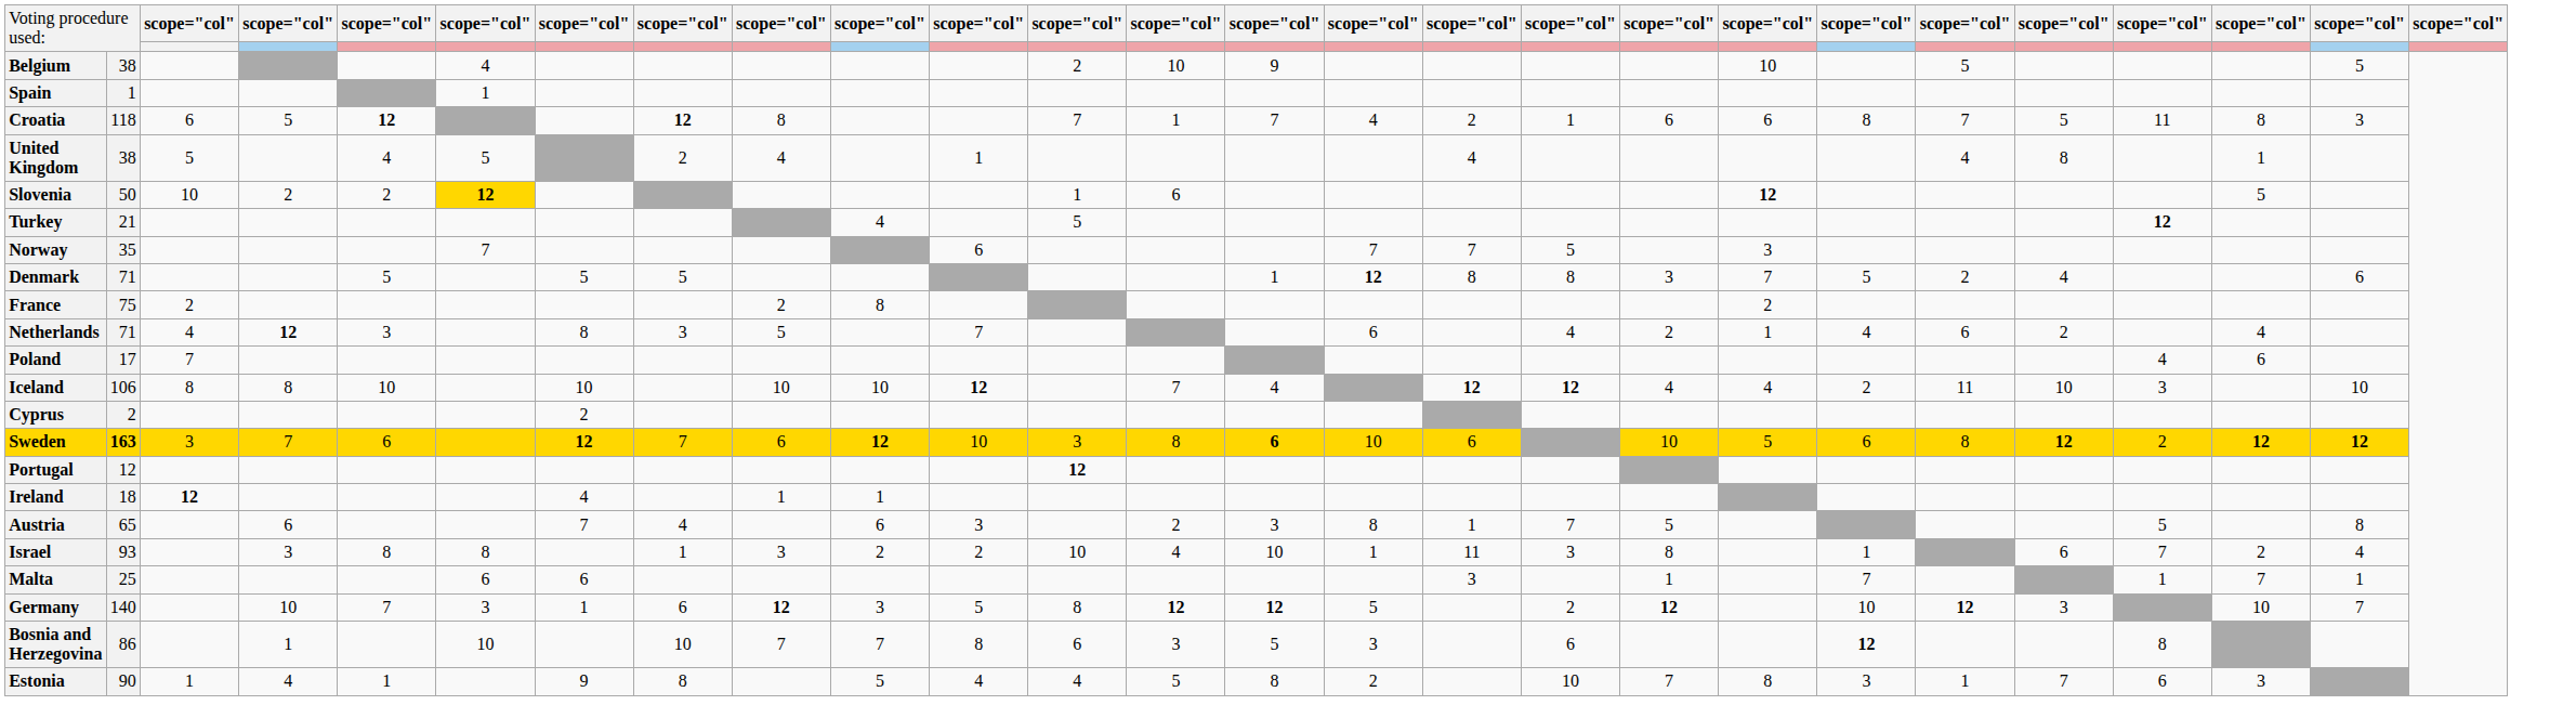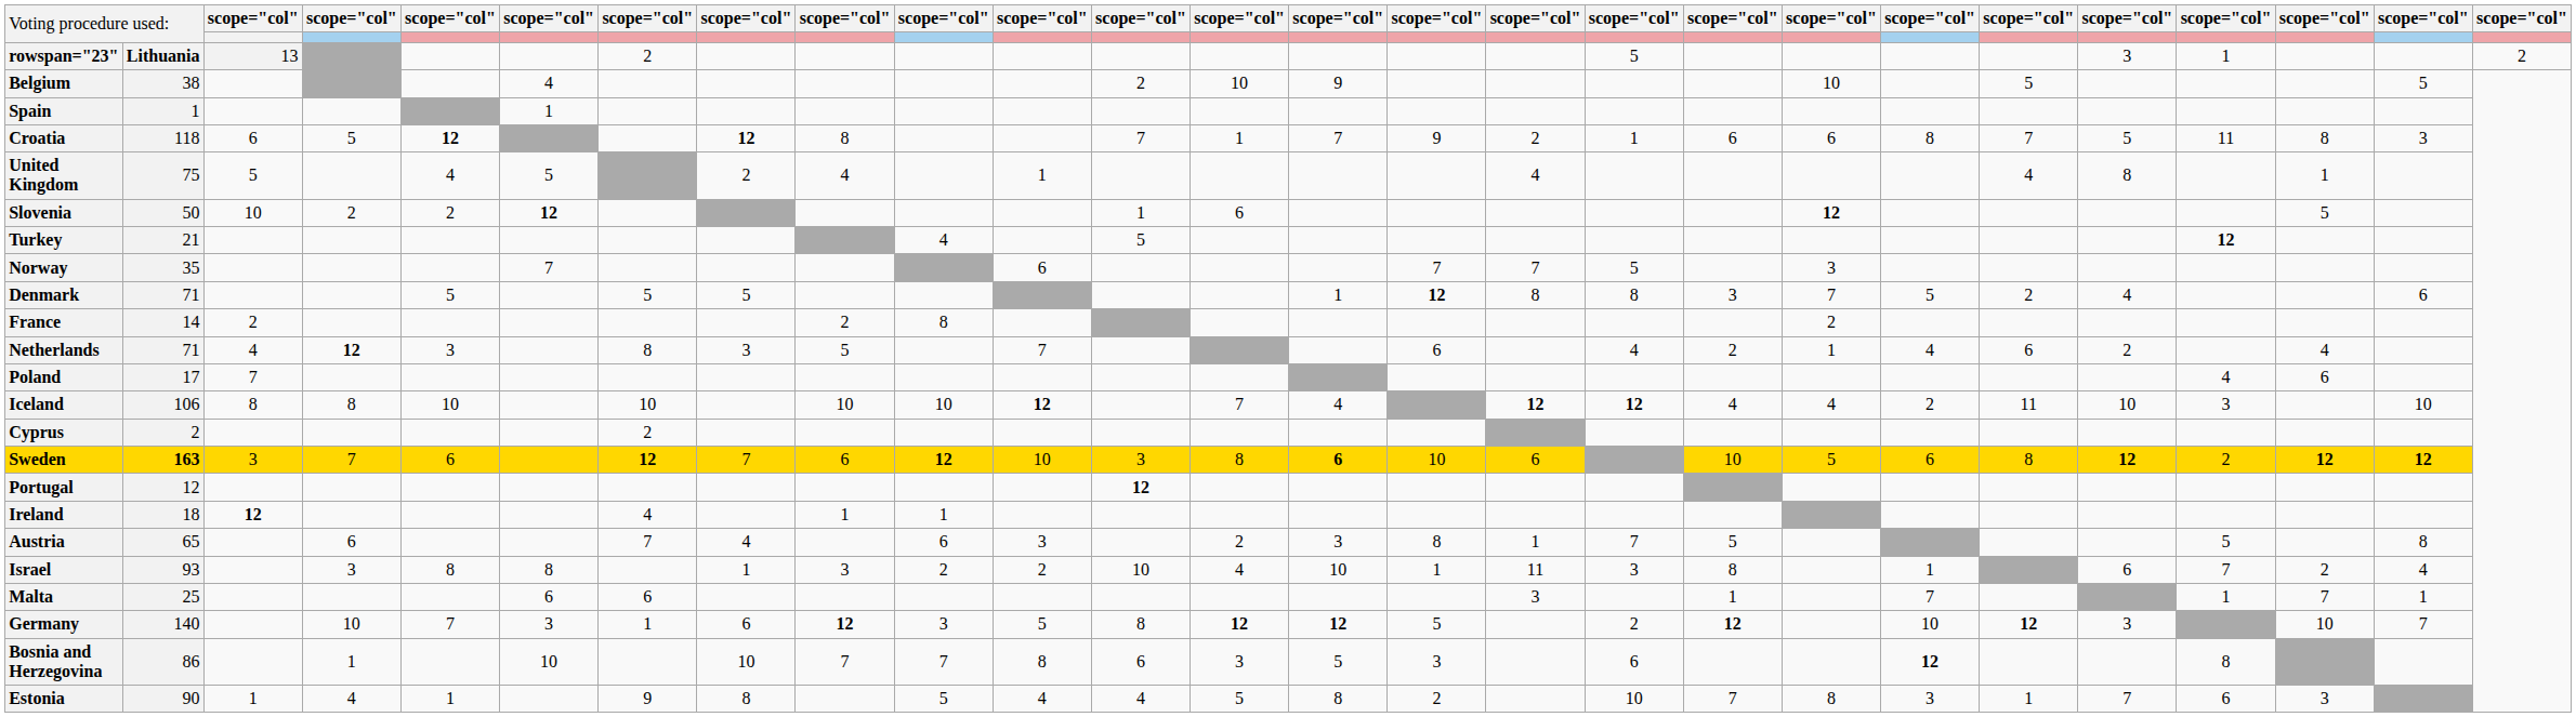 <table class="wikitable plainrowheaders" style="text-align:center;">
 <tr>
 </tr>
 <tr>
 <td colspan="2" rowspan="2" style="text-align:left; background:#F2F2F2">Voting procedure used:<br></td>
 <th>scope="col" </th>
 <th>scope="col" </th>
 <th>scope="col" </th>
 <th>scope="col" </th>
 <th>scope="col" </th>
 <th>scope="col" </th>
 <th>scope="col" </th>
 <th>scope="col" </th>
 <th>scope="col" </th>
 <th>scope="col" </th>
 <th>scope="col" </th>
 <th>scope="col" </th>
 <th>scope="col" </th>
 <th>scope="col" </th>
 <th>scope="col" </th>
 <th>scope="col" </th>
 <th>scope="col" </th>
 <th>scope="col" </th>
 <th>scope="col" </th>
 <th>scope="col" </th>
 <th>scope="col" </th>
 <th>scope="col" </th>
 <th>scope="col" </th>
 <th>scope="col" </th>
 </tr>
 <tr>
 <th style="height:2px; border-top:1px solid transparent;"></th>
 <td style="background:#A4D1EF;"></td>
 <td style="background:#EFA4A9;"></td>
 <td style="background:#EFA4A9;"></td>
 <td style="background:#EFA4A9;"></td>
 <td style="background:#EFA4A9;"></td>
 <td style="background:#EFA4A9;"></td>
 <td style="background:#A4D1EF;"></td>
 <td style="background:#EFA4A9;"></td>
 <td style="background:#EFA4A9;"></td>
 <td style="background:#EFA4A9;"></td>
 <td style="background:#EFA4A9;"></td>
 <td style="background:#EFA4A9;"></td>
 <td style="background:#EFA4A9;"></td>
 <td style="background:#EFA4A9;"></td>
 <td style="background:#EFA4A9;"></td>
 <td style="background:#EFA4A9;"></td>
 <td style="background:#A4D1EF;"></td>
 <td style="background:#EFA4A9;"></td>
 <td style="background:#EFA4A9;"></td>
 <td style="background:#EFA4A9;"></td>
 <td style="background:#EFA4A9;"></td>
 <td style="background:#A4D1EF;"></td>
 <td style="background:#EFA4A9;"></td>
+</tr>
+<tr>
+<th>rowspan="23" </th>
+<th scope="row" style="text-align:left; background:#f2f2f2;">Lithuania</th>
+<td style="text-align:right; background:#f2f2f2;">13</td>
+<td style="text-align:left; background:#aaa;"></td>
+<td></td>
+<td></td>
+<td>2</td>
+<td></td>
+<td></td>
+<td></td>
+<td></td>
+<td></td>
+<td></td>
+<td></td>
+<td></td>
+<td></td>
+<td>5</td>
+<td></td>
+<td></td>
+<td></td>
+<td></td>
+<td>3</td>
+<td>1</td>
+<td></td>
+<td></td>
+<td>2</td>
 </tr>
 <tr>
 <th scope="row" style="text-align:left; background:#f2f2f2;">Belgium</th>
 <td style="text-align:right; background:#f2f2f2;">38</td>
 <td></td>
 <td style="text-align:left; background:#aaa;"></td>
 <td></td>
 <td>4</td>
 <td></td>
 <td></td>
 <td></td>
 <td></td>
 <td></td>
 <td>2</td>
 <td>10</td>
 <td>9</td>
 <td></td>
 <td></td>
 <td></td>
 <td></td>
 <td>10</td>
 <td></td>
 <td>5</td>
 <td></td>
 <td></td>
 <td></td>
 <td>5</td>
 </tr>
 <tr>
 <th scope="row" style="text-align:left; background:#f2f2f2;">Spain</th>
 <td style="text-align:right; background:#f2f2f2;">1</td>
 <td></td>
 <td></td>
 <td style="text-align:left; background:#aaa;"></td>
 <td>1</td>
 <td></td>
 <td></td>
 <td></td>
 <td></td>
 <td></td>
 <td></td>
 <td></td>
 <td></td>
 <td></td>
 <td></td>
 <td></td>
 <td></td>
 <td></td>
 <td></td>
 <td></td>
 <td></td>
 <td></td>
 <td></td>
 <td></td>
 </tr>
 <tr>
 <th scope="row" style="text-align:left; background:#f2f2f2;">Croatia</th>
 <td style="text-align:right; background:#f2f2f2;">118</td>
 <td>6</td>
 <td>5</td>
 <td><strong>12</strong></td>
 <td style="text-align:left; background:#aaa;"></td>
 <td></td>
 <td><strong>12</strong></td>
 <td>8</td>
 <td></td>
 <td></td>
 <td>7</td>
 <td>1</td>
 <td>7</td>
-<td>4</td>
+<td>9</td>
 <td>2</td>
 <td>1</td>
 <td>6</td>
 <td>6</td>
 <td>8</td>
 <td>7</td>
 <td>5</td>
 <td>11</td>
 <td>8</td>
 <td>3</td>
 </tr>
 <tr>
 <th scope="row" style="text-align:left; background:#f2f2f2;">United Kingdom</th>
-<td style="text-align:right; background:#f2f2f2;">38</td>
+<td style="text-align:right; background:#f2f2f2;">75</td>
 <td>5</td>
 <td></td>
 <td>4</td>
 <td>5</td>
 <td style="text-align:left; background:#aaa;"></td>
 <td>2</td>
 <td>4</td>
 <td></td>
 <td>1</td>
 <td></td>
 <td></td>
 <td></td>
 <td></td>
 <td>4</td>
 <td></td>
 <td></td>
 <td></td>
 <td></td>
 <td>4</td>
 <td>8</td>
 <td></td>
 <td>1</td>
 <td></td>
 </tr>
 <tr>
 <th scope="row" style="text-align:left; background:#f2f2f2;">Slovenia</th>
 <td style="text-align:right; background:#f2f2f2;">50</td>
 <td>10</td>
 <td>2</td>
 <td>2</td>
-<td style="background: gold;"><strong>12</strong></td>
+<td><strong>12</strong></td>
 <td></td>
 <td style="text-align:left; background:#aaa;"></td>
 <td></td>
 <td></td>
 <td></td>
 <td>1</td>
 <td>6</td>
 <td></td>
 <td></td>
 <td></td>
 <td></td>
 <td></td>
 <td><strong>12</strong></td>
 <td></td>
 <td></td>
 <td></td>
 <td></td>
 <td>5</td>
 <td></td>
 </tr>
 <tr>
 <th scope="row" style="text-align:left; background:#f2f2f2;">Turkey</th>
 <td style="text-align:right; background:#f2f2f2;">21</td>
 <td></td>
 <td></td>
 <td></td>
 <td></td>
 <td></td>
 <td></td>
 <td style="text-align:left; background:#aaa;"></td>
 <td>4</td>
 <td></td>
 <td>5</td>
 <td></td>
 <td></td>
 <td></td>
 <td></td>
 <td></td>
 <td></td>
 <td></td>
 <td></td>
 <td></td>
 <td></td>
 <td><strong>12</strong></td>
 <td></td>
 <td></td>
 </tr>
 <tr>
 <th scope="row" style="text-align:left; background:#f2f2f2;">Norway</th>
 <td style="text-align:right; background:#f2f2f2;">35</td>
 <td></td>
 <td></td>
 <td></td>
 <td>7</td>
 <td></td>
 <td></td>
 <td></td>
 <td style="text-align:left; background:#aaa;"></td>
 <td>6</td>
 <td></td>
 <td></td>
 <td></td>
 <td>7</td>
 <td>7</td>
 <td>5</td>
 <td></td>
 <td>3</td>
 <td></td>
 <td></td>
 <td></td>
 <td></td>
 <td></td>
 <td></td>
 </tr>
 <tr>
 <th scope="row" style="text-align:left; background:#f2f2f2;">Denmark</th>
 <td style="text-align:right; background:#f2f2f2;">71</td>
 <td></td>
 <td></td>
 <td>5</td>
 <td></td>
 <td>5</td>
 <td>5</td>
 <td></td>
 <td></td>
 <td style="text-align:left; background:#aaa;"></td>
 <td></td>
 <td></td>
 <td>1</td>
 <td><strong>12</strong></td>
 <td>8</td>
 <td>8</td>
 <td>3</td>
 <td>7</td>
 <td>5</td>
 <td>2</td>
 <td>4</td>
 <td></td>
 <td></td>
 <td>6</td>
 </tr>
 <tr>
 <th scope="row" style="text-align:left; background:#f2f2f2;">France</th>
-<td style="text-align:right; background:#f2f2f2;">75</td>
+<td style="text-align:right; background:#f2f2f2;">14</td>
 <td>2</td>
 <td></td>
 <td></td>
 <td></td>
 <td></td>
 <td></td>
 <td>2</td>
 <td>8</td>
 <td></td>
 <td style="text-align:left; background:#aaa;"></td>
 <td></td>
 <td></td>
 <td></td>
 <td></td>
 <td></td>
 <td></td>
 <td>2</td>
 <td></td>
 <td></td>
 <td></td>
 <td></td>
 <td></td>
 <td></td>
 </tr>
 <tr>
 <th scope="row" style="text-align:left; background:#f2f2f2;">Netherlands</th>
 <td style="text-align:right; background:#f2f2f2;">71</td>
 <td>4</td>
 <td><strong>12</strong></td>
 <td>3</td>
 <td></td>
 <td>8</td>
 <td>3</td>
 <td>5</td>
 <td></td>
 <td>7</td>
 <td></td>
 <td style="text-align:left; background:#aaa;"></td>
 <td></td>
 <td>6</td>
 <td></td>
 <td>4</td>
 <td>2</td>
 <td>1</td>
 <td>4</td>
 <td>6</td>
 <td>2</td>
 <td></td>
 <td>4</td>
 <td></td>
 </tr>
 <tr>
 <th scope="row" style="text-align:left; background:#f2f2f2;">Poland</th>
 <td style="text-align:right; background:#f2f2f2;">17</td>
 <td>7</td>
 <td></td>
 <td></td>
 <td></td>
 <td></td>
 <td></td>
 <td></td>
 <td></td>
 <td></td>
 <td></td>
 <td></td>
 <td style="text-align:left; background:#aaa;"></td>
 <td></td>
 <td></td>
 <td></td>
 <td></td>
 <td></td>
 <td></td>
 <td></td>
 <td></td>
 <td>4</td>
 <td>6</td>
 <td></td>
 </tr>
 <tr>
 <th scope="row" style="text-align:left; background:#f2f2f2;">Iceland</th>
 <td style="text-align:right; background:#f2f2f2;">106</td>
 <td>8</td>
 <td>8</td>
 <td>10</td>
 <td></td>
 <td>10</td>
 <td></td>
 <td>10</td>
 <td>10</td>
 <td><strong>12</strong></td>
 <td></td>
 <td>7</td>
 <td>4</td>
 <td style="text-align:left; background:#aaa;"></td>
 <td><strong>12</strong></td>
 <td><strong>12</strong></td>
 <td>4</td>
 <td>4</td>
 <td>2</td>
 <td>11</td>
 <td>10</td>
 <td>3</td>
 <td></td>
 <td>10</td>
 </tr>
 <tr>
 <th scope="row" style="text-align:left; background:#f2f2f2;">Cyprus</th>
 <td style="text-align:right; background:#f2f2f2;">2</td>
 <td></td>
 <td></td>
 <td></td>
 <td></td>
 <td>2</td>
 <td></td>
 <td></td>
 <td></td>
 <td></td>
 <td></td>
 <td></td>
 <td></td>
 <td></td>
 <td style="text-align:left; background:#aaa;"></td>
 <td></td>
 <td></td>
 <td></td>
 <td></td>
 <td></td>
 <td></td>
 <td></td>
 <td></td>
 <td></td>
 </tr>
 <tr style="background:gold;">
 <th scope="row" style="text-align:left; font-weight:bold; background:gold;">Sweden</th>
 <td style="text-align:right; font-weight:bold;">163</td>
 <td>3</td>
 <td>7</td>
 <td>6</td>
 <td></td>
 <td><strong>12</strong></td>
 <td>7</td>
 <td>6</td>
 <td><strong>12</strong></td>
 <td>10</td>
 <td>3</td>
 <td>8</td>
 <td><strong>6</strong></td>
 <td>10</td>
 <td>6</td>
 <td style="text-align:left; background:#aaa;"></td>
 <td>10</td>
 <td>5</td>
 <td>6</td>
 <td>8</td>
 <td><strong>12</strong></td>
 <td>2</td>
 <td><strong>12</strong></td>
 <td><strong>12</strong></td>
 </tr>
 <tr>
 <th scope="row" style="text-align:left; background:#f2f2f2;">Portugal</th>
 <td style="text-align:right; background:#f2f2f2;">12</td>
 <td></td>
 <td></td>
 <td></td>
 <td></td>
 <td></td>
 <td></td>
 <td></td>
 <td></td>
 <td></td>
 <td><strong>12</strong></td>
 <td></td>
 <td></td>
 <td></td>
 <td></td>
 <td></td>
 <td style="text-align:left; background:#aaa;"></td>
 <td></td>
 <td></td>
 <td></td>
 <td></td>
 <td></td>
 <td></td>
 <td></td>
 </tr>
 <tr>
 <th scope="row" style="text-align:left; background:#f2f2f2;">Ireland</th>
 <td style="text-align:right; background:#f2f2f2;">18</td>
 <td><strong>12</strong></td>
 <td></td>
 <td></td>
 <td></td>
 <td>4</td>
 <td></td>
 <td>1</td>
 <td>1</td>
 <td></td>
 <td></td>
 <td></td>
 <td></td>
 <td></td>
 <td></td>
 <td></td>
 <td></td>
 <td style="text-align:left; background:#aaa;"></td>
 <td></td>
 <td></td>
 <td></td>
 <td></td>
 <td></td>
 <td></td>
 </tr>
 <tr>
 <th scope="row" style="text-align:left; background:#f2f2f2;">Austria</th>
 <td style="text-align:right; background:#f2f2f2;">65</td>
 <td></td>
 <td>6</td>
 <td></td>
 <td></td>
 <td>7</td>
 <td>4</td>
 <td></td>
 <td>6</td>
 <td>3</td>
 <td></td>
 <td>2</td>
 <td>3</td>
 <td>8</td>
 <td>1</td>
 <td>7</td>
 <td>5</td>
 <td></td>
 <td style="text-align:left; background:#aaa;"></td>
 <td></td>
 <td></td>
 <td>5</td>
 <td></td>
 <td>8</td>
 </tr>
 <tr>
 <th scope="row" style="text-align:left; background:#f2f2f2;">Israel</th>
 <td style="text-align:right; background:#f2f2f2;">93</td>
 <td></td>
 <td>3</td>
 <td>8</td>
 <td>8</td>
 <td></td>
 <td>1</td>
 <td>3</td>
 <td>2</td>
 <td>2</td>
 <td>10</td>
 <td>4</td>
 <td>10</td>
 <td>1</td>
 <td>11</td>
 <td>3</td>
 <td>8</td>
 <td></td>
 <td>1</td>
 <td style="text-align:left; background:#aaa;"></td>
 <td>6</td>
 <td>7</td>
 <td>2</td>
 <td>4</td>
 </tr>
 <tr>
 <th scope="row" style="text-align:left; background:#f2f2f2;">Malta</th>
 <td style="text-align:right; background:#f2f2f2;">25</td>
 <td></td>
 <td></td>
 <td></td>
 <td>6</td>
 <td>6</td>
 <td></td>
 <td></td>
 <td></td>
 <td></td>
 <td></td>
 <td></td>
 <td></td>
 <td></td>
 <td>3</td>
 <td></td>
 <td>1</td>
 <td></td>
 <td>7</td>
 <td></td>
 <td style="text-align:left; background:#aaa;"></td>
 <td>1</td>
 <td>7</td>
 <td>1</td>
 </tr>
 <tr>
 <th scope="row" style="text-align:left; background:#f2f2f2;">Germany</th>
 <td style="text-align:right; background:#f2f2f2;">140</td>
 <td></td>
 <td>10</td>
 <td>7</td>
 <td>3</td>
 <td>1</td>
 <td>6</td>
 <td><strong>12</strong></td>
 <td>3</td>
 <td>5</td>
 <td>8</td>
 <td><strong>12</strong></td>
 <td><strong>12</strong></td>
 <td>5</td>
 <td></td>
 <td>2</td>
 <td><strong>12</strong></td>
 <td></td>
 <td>10</td>
 <td><strong>12</strong></td>
 <td>3</td>
 <td style="text-align:left; background:#aaa;"></td>
 <td>10</td>
 <td>7</td>
 </tr>
 <tr>
 <th scope="row" style="text-align:left; background:#f2f2f2;">Bosnia and Herzegovina</th>
 <td style="text-align:right; background:#f2f2f2;">86</td>
 <td></td>
 <td>1</td>
 <td></td>
 <td>10</td>
 <td></td>
 <td>10</td>
 <td>7</td>
 <td>7</td>
 <td>8</td>
 <td>6</td>
 <td>3</td>
 <td>5</td>
 <td>3</td>
 <td></td>
 <td>6</td>
 <td></td>
 <td></td>
 <td><strong>12</strong></td>
 <td></td>
 <td></td>
 <td>8</td>
 <td style="text-align:left; background:#aaa;"></td>
 <td></td>
 </tr>
 <tr>
 <th scope="row" style="text-align:left; background:#f2f2f2;">Estonia</th>
 <td style="text-align:right; background:#f2f2f2;">90</td>
 <td>1</td>
 <td>4</td>
 <td>1</td>
 <td></td>
 <td>9</td>
 <td>8</td>
 <td></td>
 <td>5</td>
 <td>4</td>
 <td>4</td>
 <td>5</td>
 <td>8</td>
 <td>2</td>
 <td></td>
 <td>10</td>
 <td>7</td>
 <td>8</td>
 <td>3</td>
 <td>1</td>
 <td>7</td>
 <td>6</td>
 <td>3</td>
 <td style="text-align:left; background:#aaa;"></td>
 </tr>
 </table>
